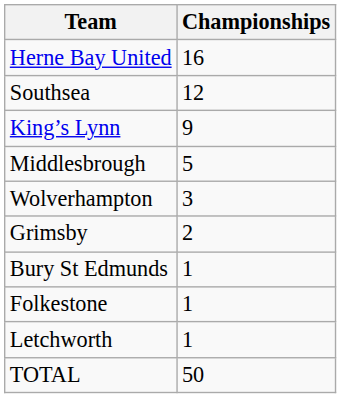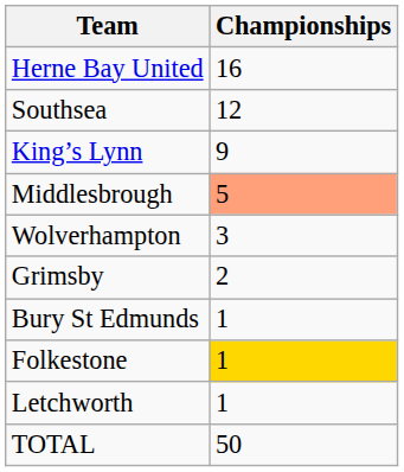 <table class="wikitable sortable">
 <tr>
 <th>Team</th>
 <th>Championships</th>
 </tr>
 <tr>
 <td><a href='#'>Herne Bay United</a></td>
 <td>16</td>
 </tr>
 <tr>
 <td>Southsea</td>
 <td>12</td>
 </tr>
 <tr>
 <td><a href='#'>King’s Lynn</a></td>
 <td>9</td>
 </tr>
 <tr>
 <td>Middlesbrough</td>
-<td>5</td>
+<td style="background: lightsalmon;">5</td>
 </tr>
 <tr>
 <td>Wolverhampton</td>
 <td>3</td>
 </tr>
 <tr>
 <td>Grimsby</td>
 <td>2</td>
 </tr>
 <tr>
 <td>Bury St Edmunds</td>
 <td>1</td>
 </tr>
 <tr>
 <td>Folkestone</td>
-<td>1</td>
+<td style="background: gold;">1</td>
 </tr>
 <tr>
 <td>Letchworth</td>
 <td>1</td>
 </tr>
 <tr>
 <td>TOTAL</td>
 <td>50</td>
 </tr>
 </table>
